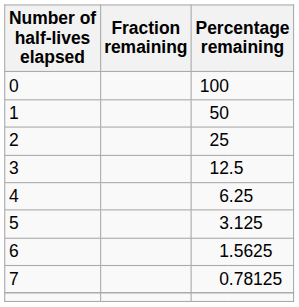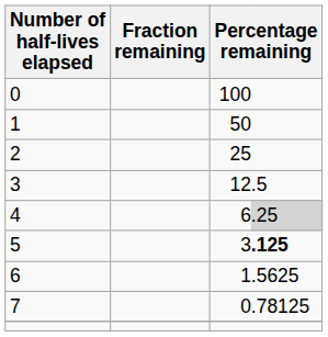 <table class="wikitable" align=right>
 <tr>
 <th>Number of<br>half-lives<br>elapsed</th>
 <th>Fraction<br>remaining</th>
 <th colspan=2>Percentage<br>remaining</th>
 </tr>
 <tr>
 <td>0</td>
 <td></td>
 <td align=right style="border-right-width: 0; padding-right:0">100</td>
 <td style="border-left-width: 0"></td>
 </tr>
 <tr>
 <td>1</td>
 <td></td>
 <td align=right style="border-right-width: 0; padding-right:0">50</td>
 <td style="border-left-width: 0"></td>
 </tr>
 <tr>
 <td>2</td>
 <td></td>
 <td align=right style="border-right-width: 0; padding-right:0">25</td>
 <td style="border-left-width: 0"></td>
 </tr>
 <tr>
 <td>3</td>
 <td></td>
 <td align=right style="padding-right:0; border-right-width: 0">12</td>
 <td style="border-left-width: 0; padding-left:0">.5</td>
 </tr>
 <tr>
 <td>4</td>
 <td></td>
 <td align=right style="border-right-width: 0; padding-right:0">6</td>
-<td style="border-left-width: 0; padding-left:0">.25</td>
+<td style="background: lightgrey; border-left-width: 0; padding-left:0">.25</td>
 </tr>
 <tr>
 <td>5</td>
 <td></td>
 <td align=right style="border-right-width: 0; padding-right:0">3</td>
-<td style="border-left-width: 0; padding-left:0">.125</td>
+<td style="border-left-width: 0; padding-left:0"><strong>.125</strong></td>
 </tr>
 <tr>
 <td>6</td>
 <td></td>
 <td align=right style="border-right-width: 0; padding-right:0">1</td>
 <td style="border-left-width: 0; padding-left:0">.5625</td>
 </tr>
 <tr>
 <td>7</td>
 <td></td>
 <td align=right style="border-right-width: 0; padding-right:0">0</td>
 <td style="border-left-width: 0; padding-left:0">.78125</td>
 </tr>
 <tr>
 </tr>
 <tr>
 <td></td>
 <td></td>
 <td colspan=2></td>
 </tr>
 </table>
